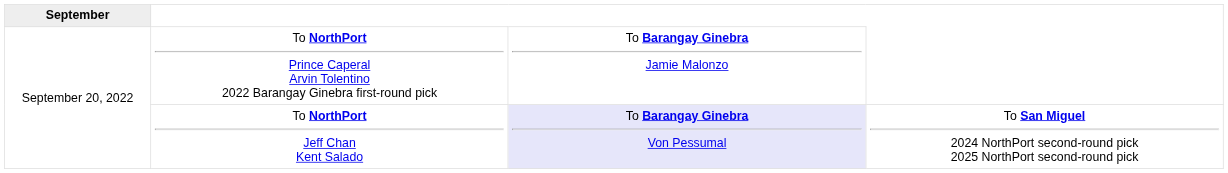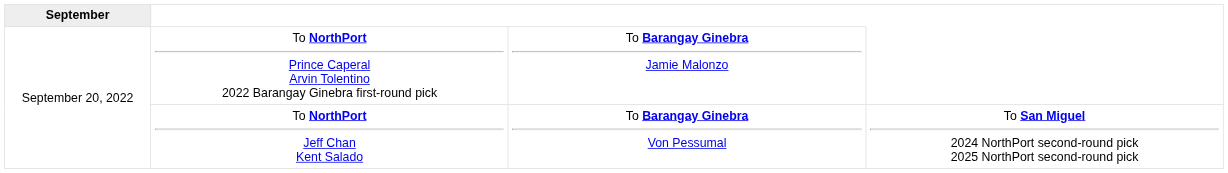 <table border=1 style="border-collapse:collapse; text-align: center; width: 100%" bordercolor="#DFDFDF"  cellpadding="5">
 <tr bgcolor="eeeeee">
 <th>September</th>
 </tr>
 <tr>
 <td style="width:12%" rowspan=2>September 20, 2022</td>
 <td style="width:29.3%" valign="top">To <strong><a href='#'>NorthPort</a></strong><hr><a href='#'>Prince Caperal</a><br><a href='#'>Arvin Tolentino</a><br>2022 Barangay Ginebra first-round pick</td>
 <td style="width:29.3%" valign="top">To <strong><a href='#'>Barangay Ginebra</a></strong><hr><a href='#'>Jamie Malonzo</a></td>
 </tr>
 <tr>
 <td style="width:29.3%" valign="top">To <strong><a href='#'>NorthPort</a></strong><hr><a href='#'>Jeff Chan</a><br><a href='#'>Kent Salado</a></td>
-<td style="background: lavender; width:29.3%" valign="top">To <strong><a href='#'>Barangay Ginebra</a></strong><hr><a href='#'>Von Pessumal</a></td>
+<td style="width:29.3%" valign="top">To <strong><a href='#'>Barangay Ginebra</a></strong><hr><a href='#'>Von Pessumal</a></td>
 <td style="width:29.3%" valign="top">To <strong><a href='#'>San Miguel</a></strong><hr>2024 NorthPort second-round pick<br>2025 NorthPort second-round pick</td>
 </tr>
 </table>
